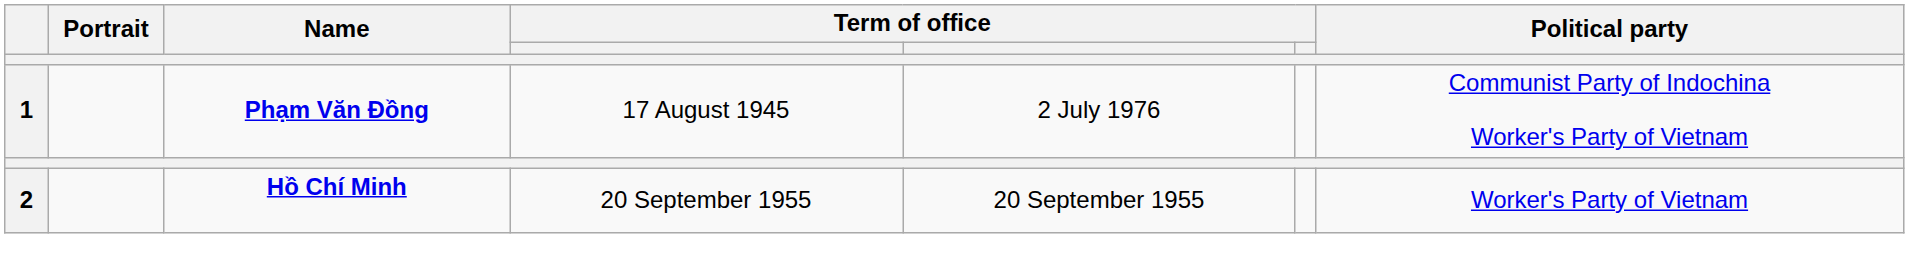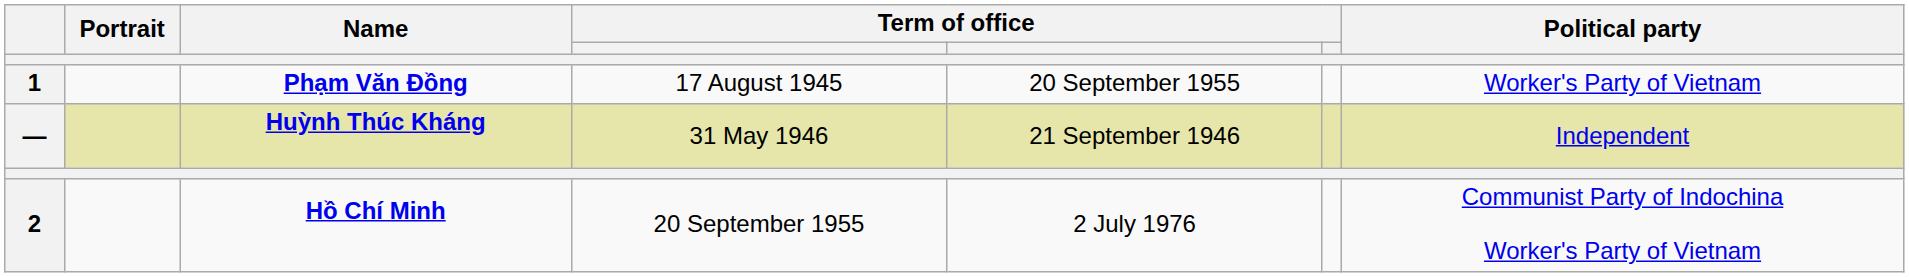 <table class="wikitable" style="text-align:center; border:1px #aaf solid; width:80%;">
 <tr>
 <th rowspan="2"></th>
 <th rowspan="2" style="width:70px;">Portrait</th>
 <th rowspan="2">Name<br></th>
 <th colspan="3">Term of office</th>
 <th rowspan="2">Political party</th>
 </tr>
 <tr>
 <th></th>
 <th></th>
 <th></th>
 </tr>
 <tr>
 <th colspan=7></th>
 </tr>
 <tr>
 <th style="background:">1</th>
 <td></td>
 <td><strong><a href='#'>Phạm Văn Đồng</a></strong><br></td>
 <td>17 August 1945</td>
-<td>2 July 1976</td>
+<td>20 September 1955</td>
 <td></td>
-<td><a href='#'>Communist Party of Indochina</a><br> <br> <a href='#'>Worker's Party of Vietnam</a><br></td>
+<td><a href='#'>Worker's Party of Vietnam</a></td>
+</tr>
+<tr>
+<th style="background:">—</th>
+<td style="background:#e6e6aa;"></td>
+<td style="background:#e6e6aa;"><strong><a href='#'>Huỳnh Thúc Kháng</a></strong><br><br></td>
+<td style="background:#e6e6aa;">31 May 1946</td>
+<td style="background:#e6e6aa;">21 September 1946</td>
+<td style="background:#e6e6aa;"></td>
+<td style="background:#e6e6aa;"><a href='#'>Independent</a></td>
 </tr>
 <tr>
 <th colspan=7></th>
 </tr>
 <tr>
 <th style="background:">2</th>
 <td></td>
 <td><strong><a href='#'>Hồ Chí Minh</a></strong><br><br></td>
 <td>20 September 1955</td>
-<td>20 September 1955</td>
+<td>2 July 1976</td>
 <td></td>
-<td><a href='#'>Worker's Party of Vietnam</a></td>
+<td><a href='#'>Communist Party of Indochina</a><br> <br> <a href='#'>Worker's Party of Vietnam</a><br></td>
 </tr>
 </table>
